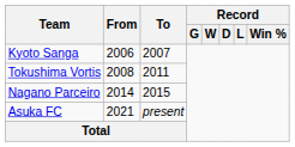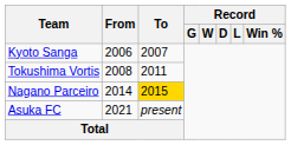 <table class="wikitable" style="text-align: center">
 <tr>
 <th rowspan="2">Team</th>
 <th rowspan="2">From</th>
 <th rowspan="2">To</th>
 <th colspan="5">Record</th>
 </tr>
 <tr>
 <th>G</th>
 <th>W</th>
 <th>D</th>
 <th>L</th>
 <th>Win %</th>
 </tr>
 <tr>
 <td align="left"><a href='#'>Kyoto Sanga</a></td>
 <td align="left">2006</td>
 <td align="left">2007<br></td>
 </tr>
 <tr>
 <td align="left"><a href='#'>Tokushima Vortis</a></td>
 <td align="left">2008</td>
 <td align="left">2011<br></td>
 </tr>
 <tr>
 <td align="left"><a href='#'>Nagano Parceiro</a></td>
 <td align="left">2014</td>
-<td align="left">2015<br></td>
+<td align="left" style="background: gold;">2015<br></td>
 </tr>
 <tr>
 <td align="left"><a href='#'>Asuka FC</a></td>
 <td align="left">2021</td>
 <td align="left"><em>present</em><br></td>
 </tr>
 <tr>
 <th colspan="3">Total<br></th>
 </tr>
 </table>
